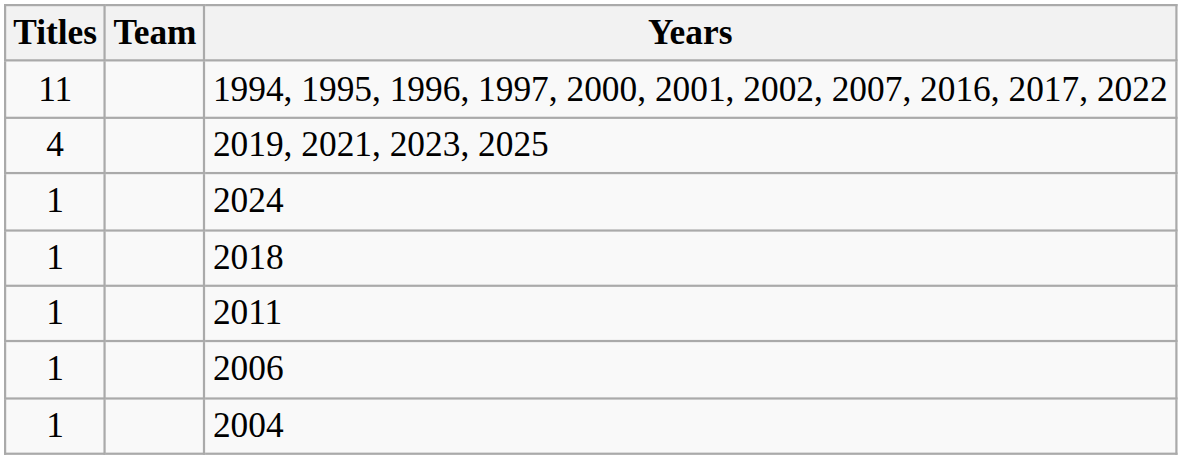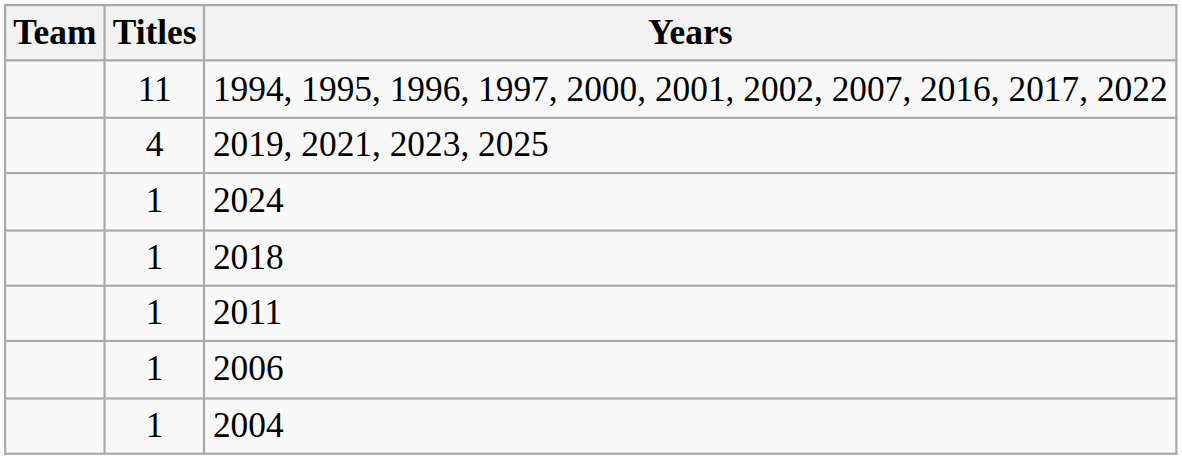 <table class="wikitable sortable" style="text-align:center">
 <tr>
+<th>Team</th>
 <th>Titles</th>
-<th>Team</th>
 <th>Years</th>
 </tr>
 <tr>
+<td style=></td>
 <td>11</td>
-<td style=></td>
 <td align=left>1994, 1995, 1996, 1997, 2000, 2001, 2002, 2007, 2016, 2017, 2022</td>
 </tr>
 <tr>
+<td style=></td>
 <td>4</td>
-<td style=></td>
 <td align=left>2019, 2021, 2023, 2025</td>
 </tr>
 <tr>
+<td></td>
 <td>1</td>
-<td></td>
 <td align="left">2024</td>
 </tr>
 <tr>
+<td style=></td>
 <td>1</td>
-<td style=></td>
 <td align=left>2018</td>
 </tr>
 <tr>
+<td style=></td>
 <td>1</td>
-<td style=></td>
 <td align=left>2011</td>
 </tr>
 <tr>
+<td style=></td>
 <td>1</td>
-<td style=></td>
 <td align=left>2006</td>
 </tr>
 <tr>
+<td style=></td>
 <td>1</td>
-<td style=></td>
 <td align=left>2004</td>
 </tr>
 </table>
